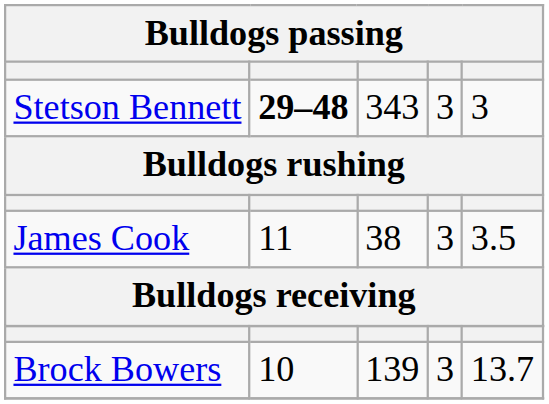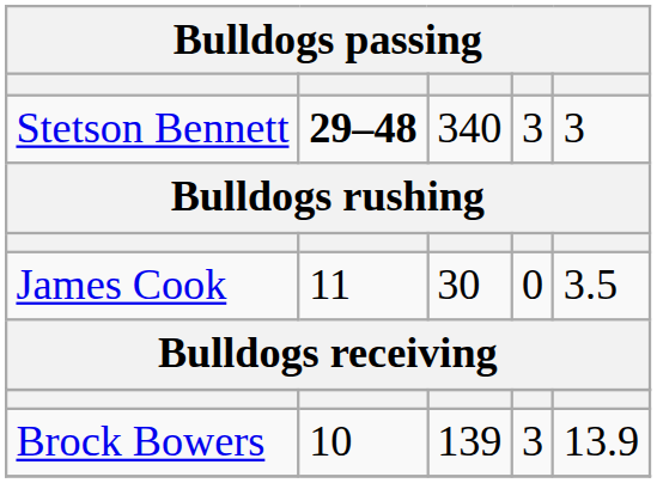 <table class="wikitable plainrowheaders">
 <tr>
 <th colspan="6">Bulldogs passing</th>
 </tr>
 <tr>
 <th scope="col"></th>
 <th scope="col"></th>
 <th scope="col"></th>
 <th scope="col"></th>
 <th scope="col"></th>
 </tr>
 <tr>
 <td><a href='#'>Stetson Bennett</a></td>
 <td><strong>29–48</strong></td>
-<td>343</td>
+<td>340</td>
 <td>3</td>
 <td>3</td>
 </tr>
 <tr>
 <th colspan="6">Bulldogs rushing</th>
 </tr>
 <tr>
 <th scope="col"></th>
 <th scope="col"></th>
 <th scope="col"></th>
 <th scope="col"></th>
 <th scope="col"></th>
 </tr>
 <tr>
 <td><a href='#'>James Cook</a></td>
 <td>11</td>
-<td>38</td>
-<td>3</td>
+<td>30</td>
+<td>0</td>
 <td>3.5</td>
 </tr>
 <tr>
 <th colspan="6">Bulldogs receiving</th>
 </tr>
 <tr>
 </tr>
 <tr>
 <th scope="col"></th>
 <th scope="col"></th>
 <th scope="col"></th>
 <th scope="col"></th>
 <th scope="col"></th>
 </tr>
 <tr>
 <td><a href='#'>Brock Bowers</a></td>
 <td>10</td>
 <td>139</td>
 <td>3</td>
-<td>13.7</td>
+<td>13.9</td>
 </tr>
 <tr>
 </tr>
 </table>
